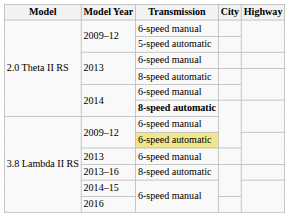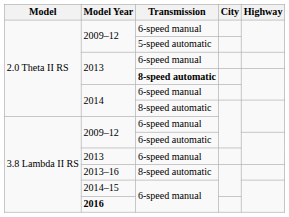 <table class="wikitable collapsible">
 <tr>
 <th>Model</th>
 <th>Model Year</th>
 <th>Transmission</th>
 <th>City</th>
 <th>Highway</th>
 </tr>
 <tr>
 <td rowspan="6">2.0 Theta II RS</td>
 <td rowspan="2">2009–12</td>
 <td>6-speed manual</td>
 <td></td>
 <td rowspan="2"></td>
 </tr>
 <tr>
 <td>5-speed automatic</td>
 <td></td>
 </tr>
 <tr>
 <td rowspan="2">2013</td>
 <td>6-speed manual</td>
 <td></td>
 <td></td>
 </tr>
 <tr>
-<td>8-speed automatic</td>
+<td><strong>8-speed automatic</strong></td>
 <td></td>
 <td rowspan="2"></td>
 </tr>
 <tr>
 <td rowspan="2">2014</td>
 <td>6-speed manual</td>
 <td></td>
 </tr>
 <tr>
-<td><strong>8-speed automatic</strong></td>
+<td>8-speed automatic</td>
 <td rowspan="3"></td>
 <td rowspan="2"></td>
 </tr>
 <tr>
 <td rowspan="6">3.8 Lambda II RS</td>
 <td rowspan="2">2009–12</td>
 <td>6-speed manual</td>
 </tr>
 <tr>
-<td style="background: khaki;">6-speed automatic</td>
+<td>6-speed automatic</td>
 <td rowspan="2"></td>
 </tr>
 <tr>
 <td>2013</td>
 <td>6-speed manual</td>
 <td></td>
 </tr>
 <tr>
 <td>2013–16</td>
 <td>8-speed automatic</td>
 <td rowspan="2"></td>
 <td></td>
 </tr>
 <tr>
 <td>2014–15</td>
 <td rowspan="2">6-speed manual</td>
 <td rowspan="2"></td>
 </tr>
 <tr>
-<td>2016</td>
+<td><strong>2016</strong></td>
 <td></td>
 </tr>
 </table>
